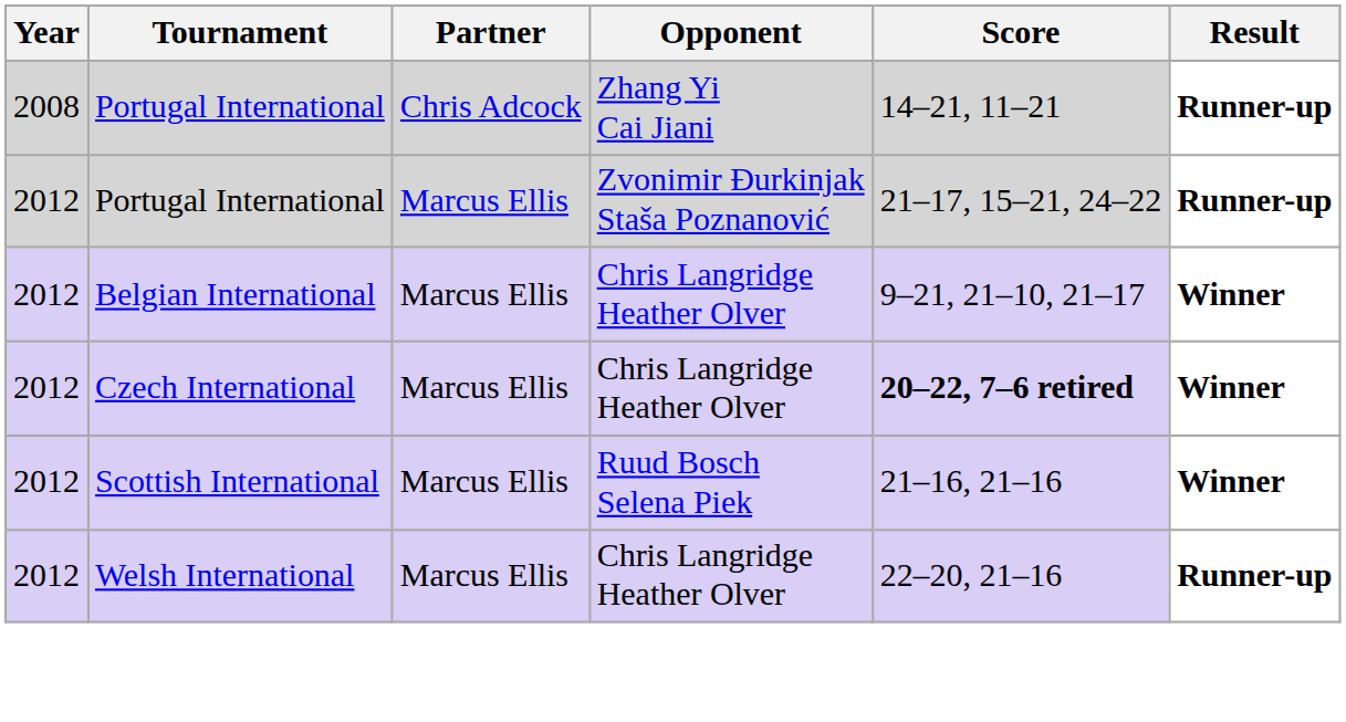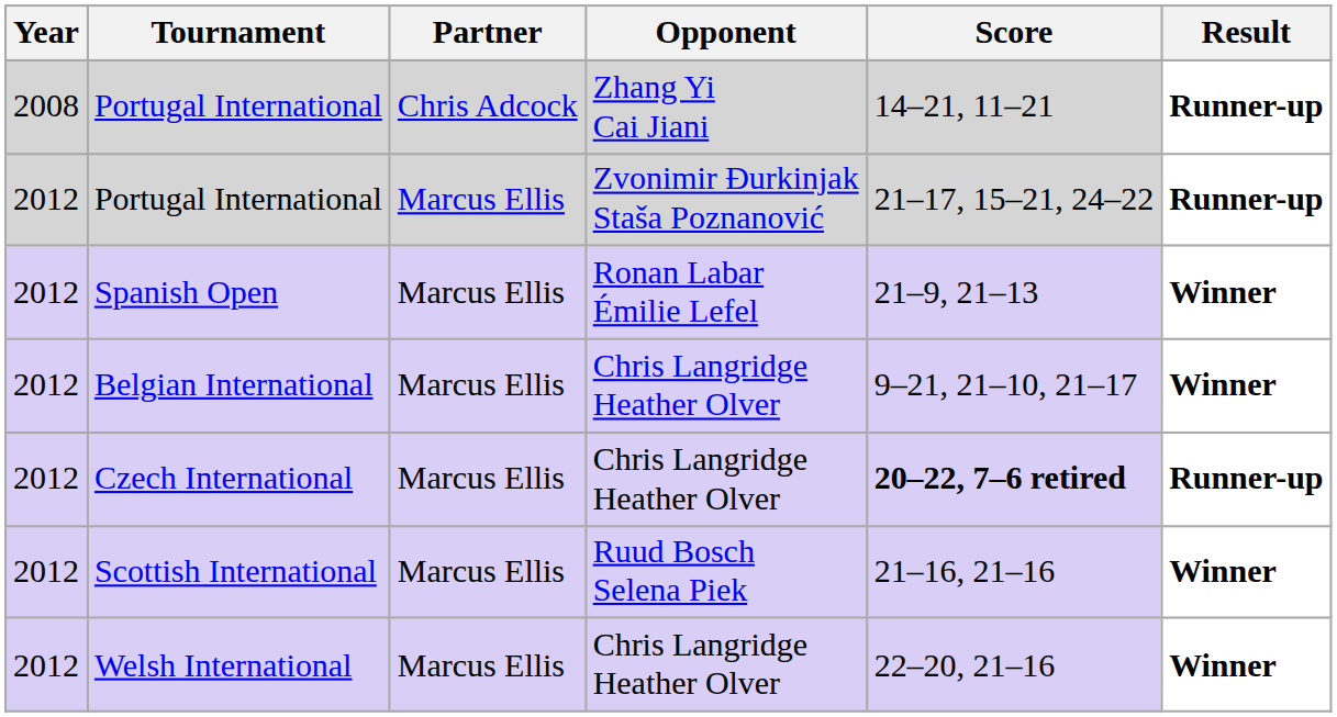 <table class="sortable wikitable" style="font-size: 90%;">
 <tr>
 <th>Year</th>
 <th>Tournament</th>
 <th>Partner</th>
 <th>Opponent</th>
 <th>Score</th>
 <th>Result</th>
 </tr>
 <tr style="background:#D5D5D5">
 <td align="center">2008</td>
 <td align="left"><a href='#'>Portugal International</a></td>
 <td align="left"> <a href='#'>Chris Adcock</a></td>
 <td align="left"> <a href='#'>Zhang Yi</a> <br>  <a href='#'>Cai Jiani</a></td>
 <td align="left">14–21, 11–21</td>
 <td style="text-align:left; background:white"> <strong>Runner-up</strong></td>
 </tr>
 <tr style="background:#D5D5D5">
 <td align="center">2012</td>
 <td align="left">Portugal International</td>
 <td align="left"> <a href='#'>Marcus Ellis</a></td>
 <td align="left"> <a href='#'>Zvonimir Đurkinjak</a> <br>  <a href='#'>Staša Poznanović</a></td>
 <td align="left">21–17, 15–21, 24–22</td>
 <td style="text-align:left; background:white"> <strong>Runner-up</strong></td>
 </tr>
 <tr style="background:#D8CEF6">
 <td align="center">2012</td>
+<td align="left"><a href='#'>Spanish Open</a></td>
+<td align="left"> Marcus Ellis</td>
+<td align="left"> <a href='#'>Ronan Labar</a> <br>  <a href='#'>Émilie Lefel</a></td>
+<td align="left">21–9, 21–13</td>
+<td style="text-align:left; background:white"> <strong>Winner</strong></td>
+</tr>
+<tr style="background:#D8CEF6">
+<td align="center">2012</td>
 <td align="left"><a href='#'>Belgian International</a></td>
 <td align="left"> Marcus Ellis</td>
 <td align="left"> <a href='#'>Chris Langridge</a> <br>  <a href='#'>Heather Olver</a></td>
 <td align="left">9–21, 21–10, 21–17</td>
 <td style="text-align:left; background:white"> <strong>Winner</strong></td>
 </tr>
 <tr style="background:#D8CEF6">
 <td align="center">2012</td>
 <td align="left"><a href='#'>Czech International</a></td>
 <td align="left"> Marcus Ellis</td>
 <td align="left"> Chris Langridge <br>  Heather Olver</td>
 <td align="left"><strong>20–22, 7–6 retired</strong></td>
-<td style="text-align:left; background:white"> <strong>Winner</strong></td>
+<td style="text-align:left; background:white"> <strong>Runner-up</strong></td>
 </tr>
 <tr style="background:#D8CEF6">
 <td align="center">2012</td>
 <td align="left"><a href='#'>Scottish International</a></td>
 <td align="left"> Marcus Ellis</td>
 <td align="left"> <a href='#'>Ruud Bosch</a> <br>  <a href='#'>Selena Piek</a></td>
 <td align="left">21–16, 21–16</td>
 <td style="text-align:left; background:white"> <strong>Winner</strong></td>
 </tr>
 <tr style="background:#D8CEF6">
 <td align="center">2012</td>
 <td align="left"><a href='#'>Welsh International</a></td>
 <td align="left"> Marcus Ellis</td>
 <td align="left"> Chris Langridge <br>  Heather Olver</td>
 <td align="left">22–20, 21–16</td>
-<td style="text-align:left; background:white"> <strong>Runner-up</strong></td>
+<td style="text-align:left; background:white"> <strong>Winner</strong></td>
 </tr>
 </table>
